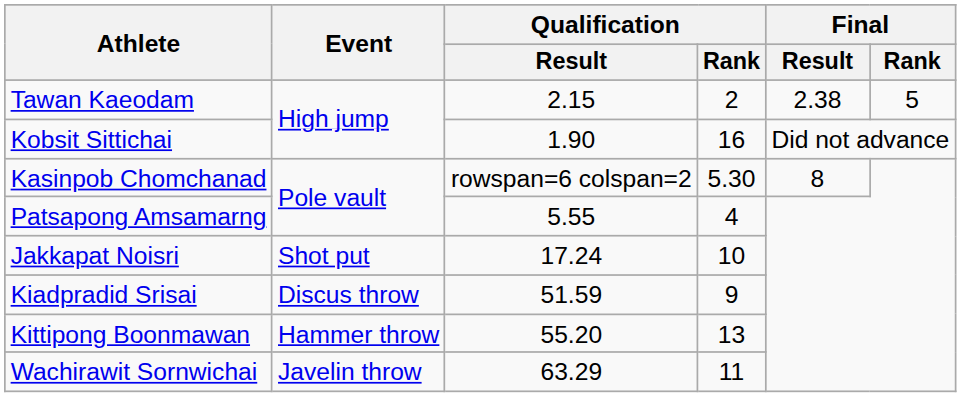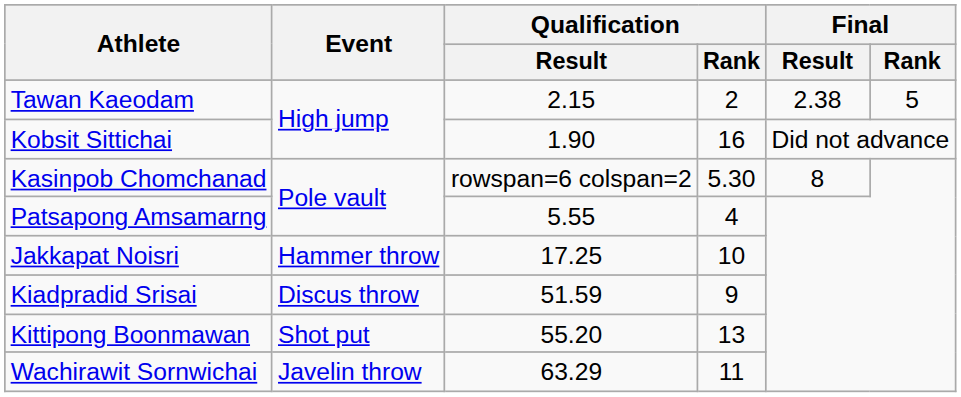 <table class="wikitable" style="font-size:90%">
 <tr>
 <th rowspan="2">Athlete</th>
 <th rowspan="2">Event</th>
 <th colspan="2">Qualification</th>
 <th colspan="2">Final</th>
 </tr>
 <tr style="font-size:95%">
 <th>Result</th>
 <th>Rank</th>
 <th>Result</th>
 <th>Rank</th>
 </tr>
 <tr align=center>
 <td align=left><a href='#'>Tawan Kaeodam</a></td>
 <td style="text-align:left;" rowspan="2"><a href='#'>High jump</a></td>
 <td>2.15</td>
 <td>2 <strong></strong></td>
 <td>2.38</td>
 <td>5</td>
 </tr>
 <tr align=center>
 <td align=left><a href='#'>Kobsit Sittichai</a></td>
 <td>1.90</td>
 <td>16</td>
 <td colspan=2>Did not advance</td>
 </tr>
 <tr align=center>
 <td align=left><a href='#'>Kasinpob Chomchanad</a></td>
 <td style="text-align:left;" rowspan="2"><a href='#'>Pole vault</a></td>
 <td>rowspan=6 colspan=2 </td>
 <td>5.30</td>
 <td>8</td>
 </tr>
 <tr align=center>
 <td align=left><a href='#'>Patsapong Amsamarng</a></td>
 <td>5.55</td>
 <td>4</td>
 </tr>
 <tr align=center>
 <td align=left><a href='#'>Jakkapat Noisri</a></td>
-<td style="text-align:left;"><a href='#'>Shot put</a></td>
-<td>17.24</td>
+<td style="text-align:left;"><a href='#'>Hammer throw</a></td>
+<td>17.25</td>
 <td>10</td>
 </tr>
 <tr align=center>
 <td align=left><a href='#'>Kiadpradid Srisai</a></td>
 <td style="text-align:left;"><a href='#'>Discus throw</a></td>
 <td>51.59</td>
 <td>9</td>
 </tr>
 <tr align=center>
 <td align=left><a href='#'>Kittipong Boonmawan</a></td>
-<td style="text-align:left;"><a href='#'>Hammer throw</a></td>
+<td style="text-align:left;"><a href='#'>Shot put</a></td>
 <td>55.20</td>
 <td>13</td>
 </tr>
 <tr align=center>
 <td align=left><a href='#'>Wachirawit Sornwichai</a></td>
 <td style="text-align:left;"><a href='#'>Javelin throw</a></td>
 <td>63.29</td>
 <td>11</td>
 </tr>
 </table>
